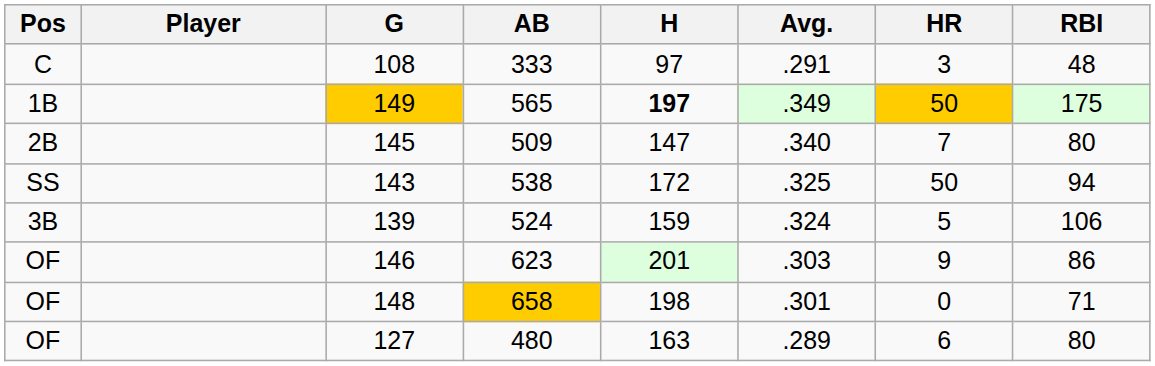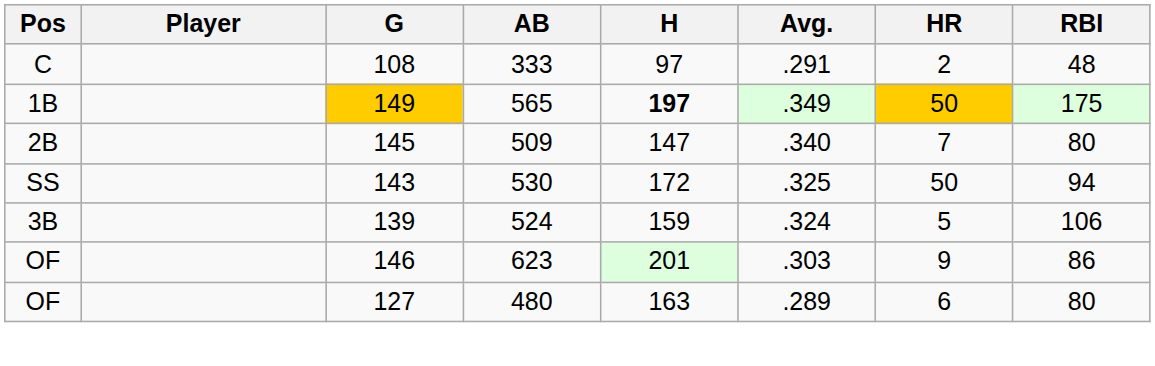 <table class="wikitable sortable">
 <tr>
 <th bgcolor="#DDDDFF" width="5%">Pos</th>
 <th bgcolor="#DDDDFF" width="16%">Player</th>
 <th bgcolor="#DDDDFF" width="9%">G</th>
 <th bgcolor="#DDDDFF" width="9%">AB</th>
 <th bgcolor="#DDDDFF" width="9%">H</th>
 <th bgcolor="#DDDDFF" width="9%">Avg.</th>
 <th bgcolor="#DDDDFF" width="9%">HR</th>
 <th bgcolor="#DDDDFF" width="9%">RBI</th>
 </tr>
 <tr align="center">
 <td>C</td>
 <td></td>
 <td>108</td>
 <td>333</td>
 <td>97</td>
 <td>.291</td>
-<td>3</td>
+<td>2</td>
 <td>48</td>
 </tr>
 <tr align="center">
 <td>1B</td>
 <td></td>
 <td style="background:#fc0;">149</td>
 <td>565</td>
 <td><strong>197</strong></td>
 <td style="background:#DDFFDD;">.349</td>
 <td style="background:#fc0;">50</td>
 <td style="background:#DDFFDD;">175</td>
 </tr>
 <tr align="center">
 <td>2B</td>
 <td></td>
 <td>145</td>
 <td>509</td>
 <td>147</td>
 <td>.340</td>
 <td>7</td>
 <td>80</td>
 </tr>
 <tr align="center">
 <td>SS</td>
 <td></td>
 <td>143</td>
-<td>538</td>
+<td>530</td>
 <td>172</td>
 <td>.325</td>
 <td>50</td>
 <td>94</td>
 </tr>
 <tr align="center">
 <td>3B</td>
 <td></td>
 <td>139</td>
 <td>524</td>
 <td>159</td>
 <td>.324</td>
 <td>5</td>
 <td>106</td>
 </tr>
 <tr align="center">
 <td>OF</td>
 <td></td>
 <td>146</td>
 <td>623</td>
 <td style="background:#DDFFDD;">201</td>
 <td>.303</td>
 <td>9</td>
 <td>86</td>
 </tr>
 <tr align="center">
 <td>OF</td>
 <td></td>
-<td>148</td>
-<td style="background:#fc0;">658</td>
-<td>198</td>
-<td>.301</td>
-<td>0</td>
-<td>71</td>
-</tr>
-<tr align="center">
-<td>OF</td>
-<td></td>
 <td>127</td>
 <td>480</td>
 <td>163</td>
 <td>.289</td>
 <td>6</td>
 <td>80</td>
 </tr>
 </table>
